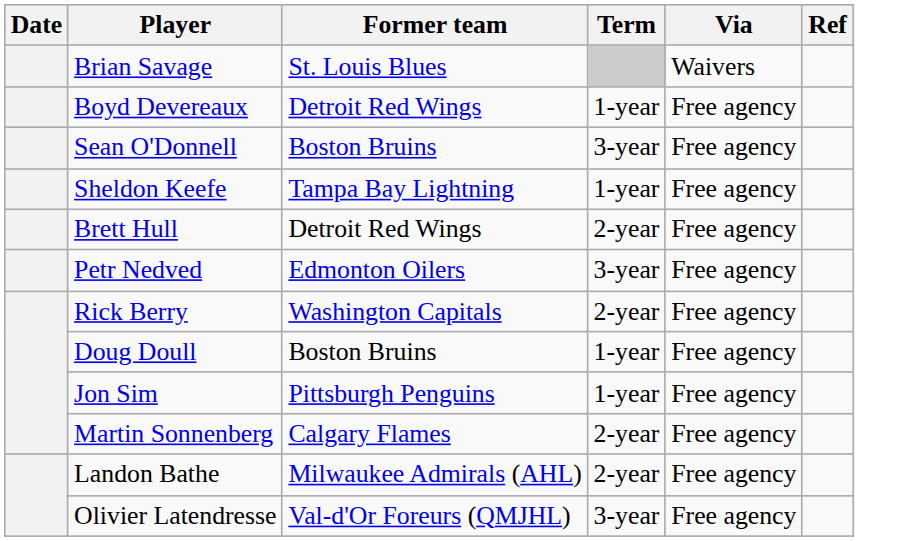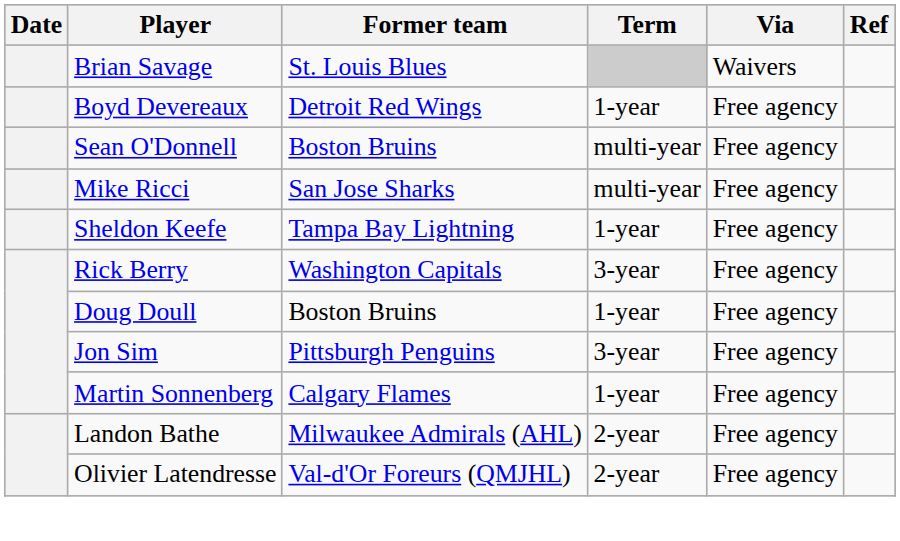 <table class="wikitable plainrowheaders">
 <tr style="background:#ddd; text-align:center;">
 <th>Date</th>
 <th>Player</th>
 <th>Former team</th>
 <th>Term</th>
 <th>Via</th>
 <th>Ref</th>
 </tr>
 <tr>
 <th scope="row"></th>
 <td><a href='#'>Brian Savage</a></td>
 <td><a href='#'>St. Louis Blues</a></td>
 <td style="background:#ccc"></td>
 <td>Waivers</td>
 <td></td>
 </tr>
 <tr>
 <th scope="row"></th>
 <td><a href='#'>Boyd Devereaux</a></td>
 <td><a href='#'>Detroit Red Wings</a></td>
 <td>1-year</td>
 <td>Free agency</td>
 <td></td>
 </tr>
 <tr>
 <th scope="row"></th>
 <td><a href='#'>Sean O'Donnell</a></td>
 <td><a href='#'>Boston Bruins</a></td>
-<td>3-year</td>
+<td>multi-year</td>
+<td>Free agency</td>
+<td></td>
+</tr>
+<tr>
+<th scope="row"></th>
+<td><a href='#'>Mike Ricci</a></td>
+<td><a href='#'>San Jose Sharks</a></td>
+<td>multi-year</td>
 <td>Free agency</td>
 <td></td>
 </tr>
 <tr>
 <th scope="row"></th>
 <td><a href='#'>Sheldon Keefe</a></td>
 <td><a href='#'>Tampa Bay Lightning</a></td>
 <td>1-year</td>
 <td>Free agency</td>
 <td></td>
 </tr>
 <tr>
-<th scope="row"></th>
-<td><a href='#'>Brett Hull</a></td>
-<td>Detroit Red Wings</td>
-<td>2-year</td>
-<td>Free agency</td>
-<td></td>
-</tr>
-<tr>
-<th scope="row"></th>
-<td><a href='#'>Petr Nedved</a></td>
-<td><a href='#'>Edmonton Oilers</a></td>
-<td>3-year</td>
-<td>Free agency</td>
-<td></td>
-</tr>
-<tr>
 <th scope="row" rowspan=4></th>
 <td><a href='#'>Rick Berry</a></td>
 <td><a href='#'>Washington Capitals</a></td>
-<td>2-year</td>
+<td>3-year</td>
 <td>Free agency</td>
 <td></td>
 </tr>
 <tr>
 <td><a href='#'>Doug Doull</a></td>
 <td>Boston Bruins</td>
 <td>1-year</td>
 <td>Free agency</td>
 <td></td>
 </tr>
 <tr>
 <td><a href='#'>Jon Sim</a></td>
 <td><a href='#'>Pittsburgh Penguins</a></td>
-<td>1-year</td>
+<td>3-year</td>
 <td>Free agency</td>
 <td></td>
 </tr>
 <tr>
 <td><a href='#'>Martin Sonnenberg</a></td>
 <td><a href='#'>Calgary Flames</a></td>
-<td>2-year</td>
+<td>1-year</td>
 <td>Free agency</td>
 <td></td>
 </tr>
 <tr>
 <th scope="row" rowspan=2></th>
 <td>Landon Bathe</td>
 <td><a href='#'>Milwaukee Admirals</a> (<a href='#'>AHL</a>)</td>
 <td>2-year</td>
 <td>Free agency</td>
 <td></td>
 </tr>
 <tr>
 <td>Olivier Latendresse</td>
 <td><a href='#'>Val-d'Or Foreurs</a> (<a href='#'>QMJHL</a>)</td>
-<td>3-year</td>
+<td>2-year</td>
 <td>Free agency</td>
 <td></td>
 </tr>
 </table>
